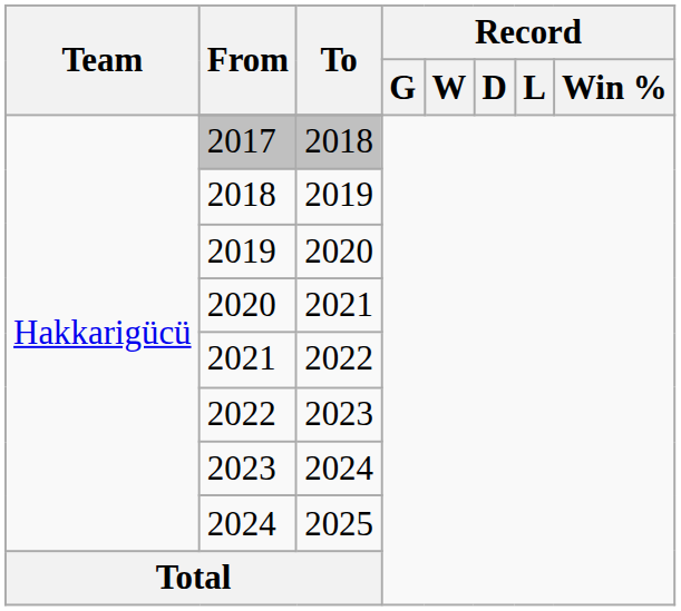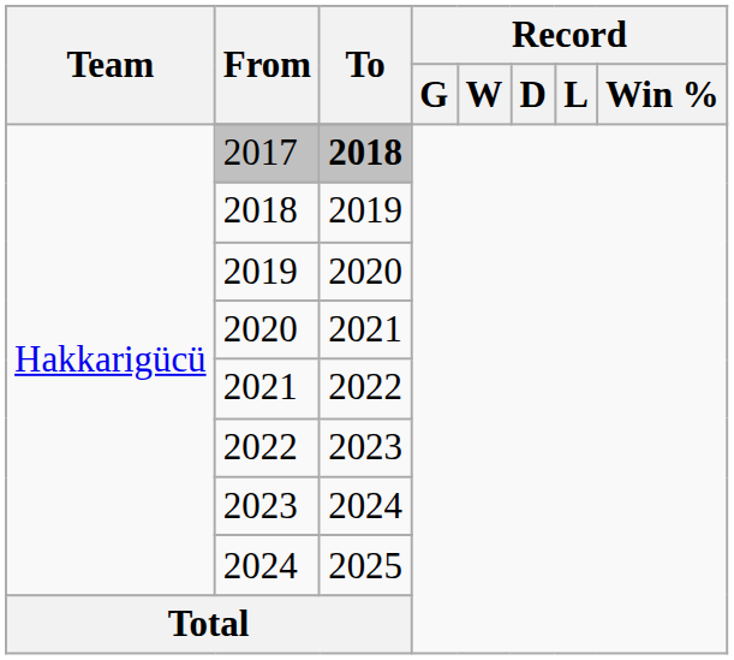 <table class="wikitable" style="text-align: center">
 <tr>
 <th rowspan="2">Team</th>
 <th rowspan="2">From</th>
 <th rowspan="2">To</th>
 <th colspan="5">Record</th>
 </tr>
 <tr>
 <th>G</th>
 <th>W</th>
 <th>D</th>
 <th>L</th>
 <th>Win %</th>
 </tr>
 <tr>
 <td rowspan=9 align=left><a href='#'>Hakkarigücü</a></td>
 </tr>
 <tr bgcolor=silver>
 <td align=left>2017</td>
-<td align=left>2018<br></td>
+<td align=left><strong>2018<br></strong></td>
 </tr>
 <tr>
 <td align=left>2018</td>
 <td align=left>2019<br></td>
 </tr>
 <tr>
 <td align=left>2019</td>
 <td align=left>2020<br></td>
 </tr>
 <tr>
 <td align=left>2020</td>
 <td align=left>2021<br></td>
 </tr>
 <tr>
 <td align=left>2021</td>
 <td align=left>2022<br></td>
 </tr>
 <tr>
 <td align=left>2022</td>
 <td align=left>2023<br></td>
 </tr>
 <tr>
 <td align=left>2023</td>
 <td align=left>2024<br></td>
 </tr>
 <tr>
 <td align=left>2024</td>
 <td align=left>2025<br></td>
 </tr>
 <tr>
 <th colspan=3>Total<br></th>
 </tr>
 </table>
